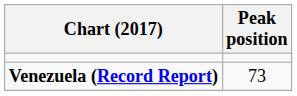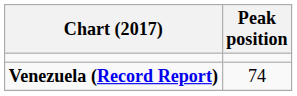 <table class="wikitable sortable">
 <tr>
 <th>Chart (2017)</th>
 <th>Peak<br>position</th>
 </tr>
 <tr>
 <td></td>
 </tr>
 <tr>
 <td><strong>Venezuela (<a href='#'>Record Report</a>)</strong></td>
-<td align="center">73</td>
+<td align="center">74</td>
 </tr>
 <tr>
 </tr>
 </table>
